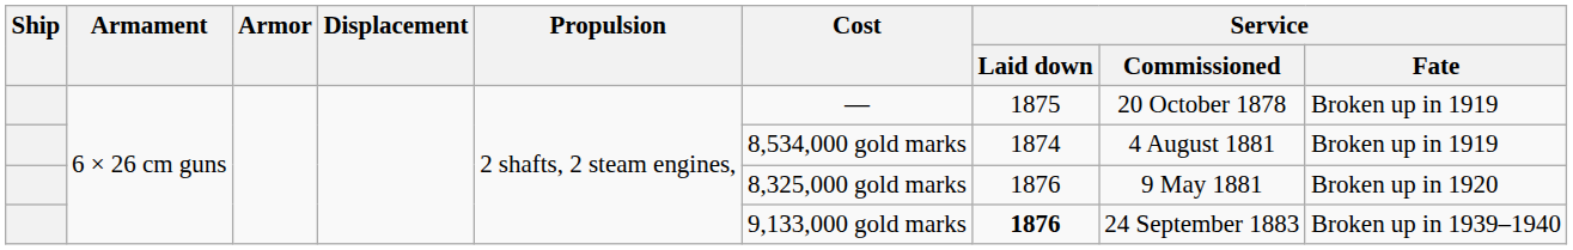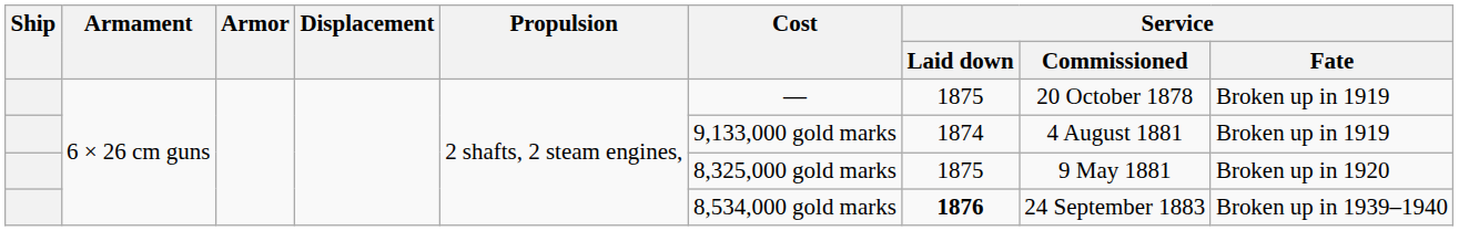 <table class="wikitable plainrowheaders" style="text-align: center">
 <tr valign="top">
 <th scope="col" rowspan="2">Ship</th>
 <th scope="col" rowspan="2">Armament</th>
 <th scope="col" rowspan="2">Armor</th>
 <th scope="col" rowspan="2">Displacement</th>
 <th scope="col" rowspan="2">Propulsion</th>
 <th scope="col" rowspan="2">Cost</th>
 <th scope="col" colspan="3">Service</th>
 </tr>
 <tr valign="top">
 <th scope="col">Laid down</th>
 <th scope="col">Commissioned</th>
 <th scope="col">Fate</th>
 </tr>
 <tr valign="center">
 <th scope="row"></th>
 <td rowspan="4">6 × 26 cm guns</td>
 <td rowspan="4"></td>
 <td rowspan="4"></td>
 <td rowspan="4">2 shafts, 2 steam engines, </td>
 <td>—</td>
 <td>1875</td>
 <td>20 October 1878</td>
 <td style="text-align: left;">Broken up in 1919</td>
 </tr>
 <tr valign="top">
 <th scope="row"></th>
-<td>8,534,000 gold marks</td>
+<td>9,133,000 gold marks</td>
 <td>1874</td>
 <td>4 August 1881</td>
 <td style="text-align: left;">Broken up in 1919</td>
 </tr>
 <tr valign="top">
 <th scope="row"></th>
 <td>8,325,000 gold marks</td>
-<td>1876</td>
+<td>1875</td>
 <td>9 May 1881</td>
 <td style="text-align: left;">Broken up in 1920</td>
 </tr>
 <tr valign="top">
 <th scope="row"></th>
-<td>9,133,000 gold marks</td>
+<td>8,534,000 gold marks</td>
 <td><strong>1876</strong></td>
 <td>24 September 1883</td>
 <td style="text-align: left;">Broken up in 1939–1940</td>
 </tr>
 </table>
